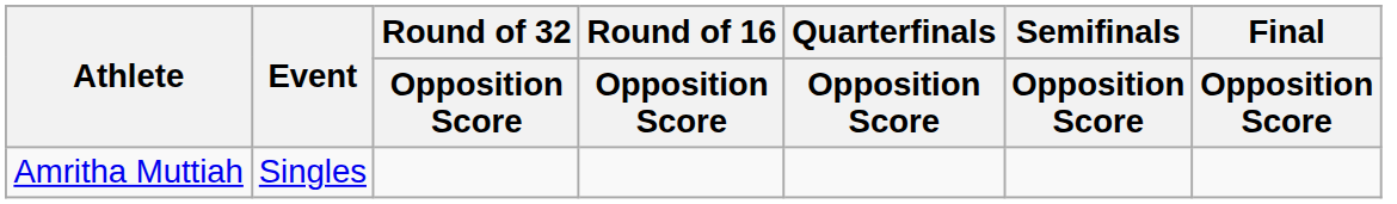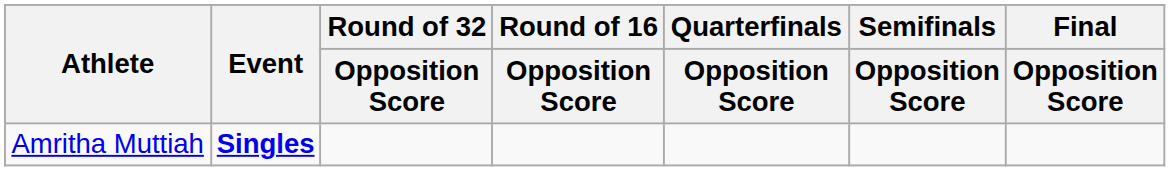 <table class=wikitable style="font-size:90%">
 <tr>
 <th rowspan="2">Athlete</th>
 <th rowspan="2">Event</th>
 <th>Round of 32</th>
 <th>Round of 16</th>
 <th>Quarterfinals</th>
 <th>Semifinals</th>
 <th>Final</th>
 </tr>
 <tr>
 <th>Opposition<br>Score</th>
 <th>Opposition<br>Score</th>
 <th>Opposition<br>Score</th>
 <th>Opposition<br>Score</th>
 <th>Opposition<br>Score</th>
 </tr>
 <tr>
 <td><a href='#'>Amritha Muttiah</a></td>
-<td><a href='#'>Singles</a></td>
+<td><strong><a href='#'>Singles</a></strong></td>
 <td></td>
 <td></td>
 <td></td>
 <td></td>
 <td></td>
 </tr>
 </table>
